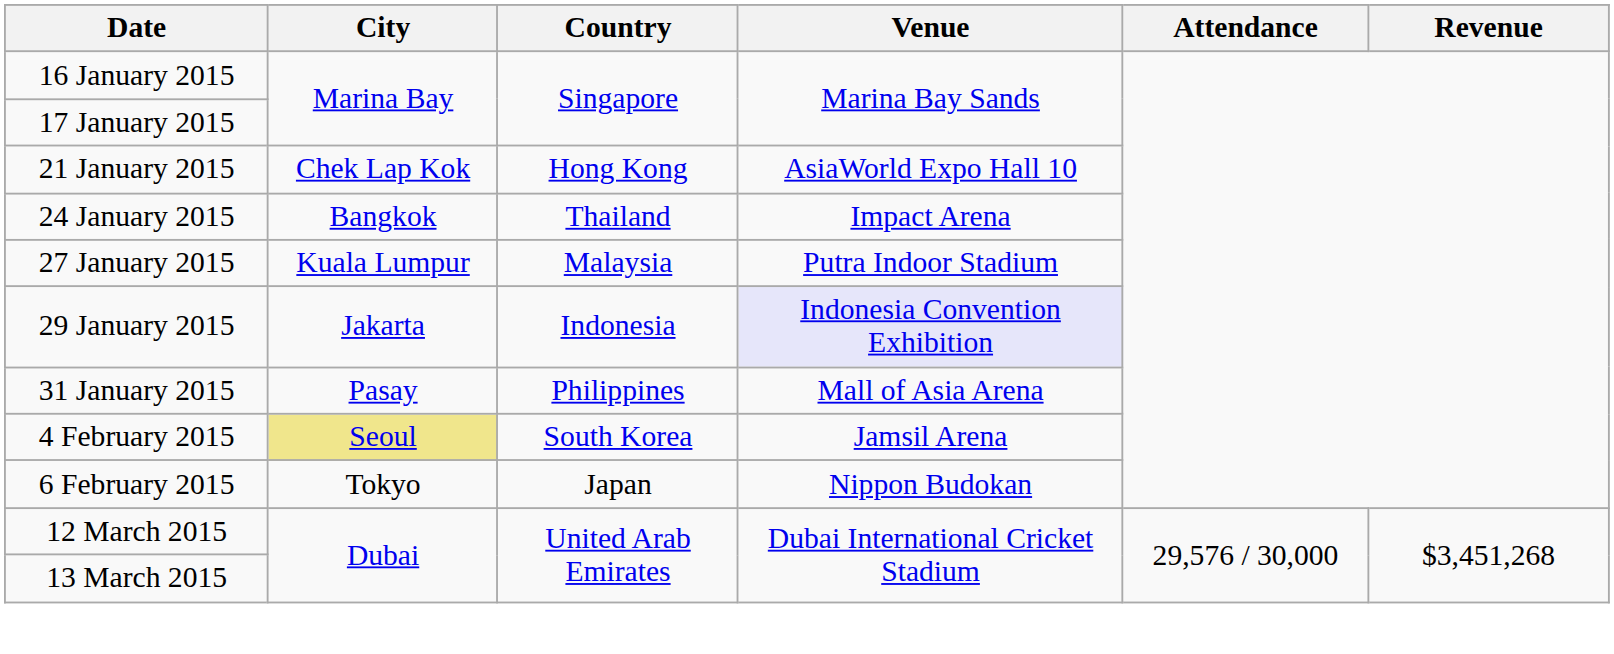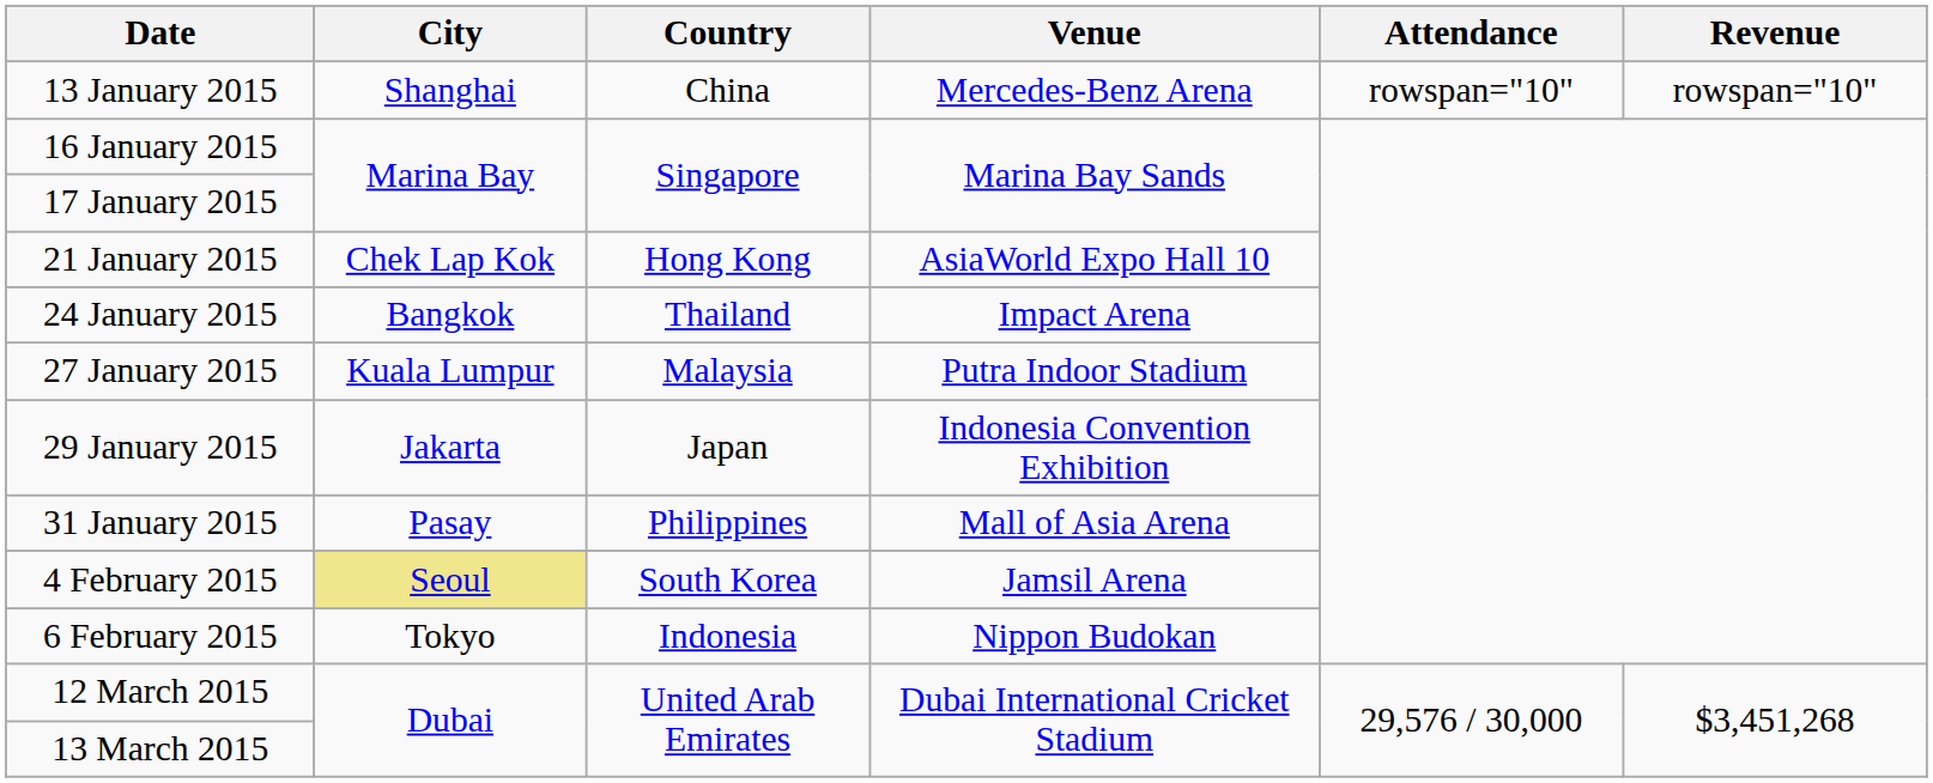 <table class="wikitable" style="text-align:center;">
 <tr>
 <th scope="col" style="width:12em;">Date</th>
 <th scope="col" style="width:10em;">City</th>
 <th scope="col" style="width:10em;">Country</th>
 <th scope="col" style="width:18em;">Venue</th>
 <th scope="col" style="width:10em;">Attendance</th>
 <th scope="col" style="width:10em;">Revenue</th>
+</tr>
+<tr>
+<td>13 January 2015</td>
+<td><a href='#'>Shanghai</a></td>
+<td>China</td>
+<td><a href='#'>Mercedes-Benz Arena</a></td>
+<td>rowspan="10" </td>
+<td>rowspan="10" </td>
 </tr>
 <tr>
 <td>16 January 2015</td>
 <td rowspan="2"><a href='#'>Marina Bay</a></td>
 <td rowspan="2"><a href='#'>Singapore</a></td>
 <td rowspan="2"><a href='#'>Marina Bay Sands</a></td>
 </tr>
 <tr>
 <td>17 January 2015</td>
 </tr>
 <tr>
 <td>21 January 2015</td>
 <td><a href='#'>Chek Lap Kok</a></td>
 <td><a href='#'>Hong Kong</a></td>
 <td><a href='#'>AsiaWorld Expo Hall 10</a></td>
 </tr>
 <tr>
 <td>24 January 2015</td>
 <td><a href='#'>Bangkok</a></td>
 <td><a href='#'>Thailand</a></td>
 <td><a href='#'>Impact Arena</a></td>
 </tr>
 <tr>
 <td>27 January 2015</td>
 <td><a href='#'>Kuala Lumpur</a></td>
 <td><a href='#'>Malaysia</a></td>
 <td><a href='#'>Putra Indoor Stadium</a></td>
 </tr>
 <tr>
 <td>29 January 2015</td>
 <td><a href='#'>Jakarta</a></td>
-<td><a href='#'>Indonesia</a></td>
-<td style="background: lavender;"><a href='#'>Indonesia Convention Exhibition</a></td>
+<td>Japan</td>
+<td><a href='#'>Indonesia Convention Exhibition</a></td>
 </tr>
 <tr>
 <td>31 January 2015</td>
 <td><a href='#'>Pasay</a></td>
 <td><a href='#'>Philippines</a></td>
 <td><a href='#'>Mall of Asia Arena</a></td>
 </tr>
 <tr>
 <td>4 February 2015</td>
 <td style="background: khaki;"><a href='#'>Seoul</a></td>
 <td><a href='#'>South Korea</a></td>
 <td><a href='#'>Jamsil Arena</a></td>
 </tr>
 <tr>
 <td>6 February 2015</td>
 <td>Tokyo</td>
-<td>Japan</td>
+<td><a href='#'>Indonesia</a></td>
 <td><a href='#'>Nippon Budokan</a></td>
 </tr>
 <tr>
 <td>12 March 2015</td>
 <td rowspan="2"><a href='#'>Dubai</a></td>
 <td rowspan="2"><a href='#'>United Arab Emirates</a></td>
 <td rowspan="2"><a href='#'>Dubai International Cricket Stadium</a></td>
 <td rowspan="2">29,576 / 30,000</td>
 <td rowspan="2">$3,451,268</td>
 </tr>
 <tr>
 <td>13 March 2015</td>
 </tr>
 </table>
